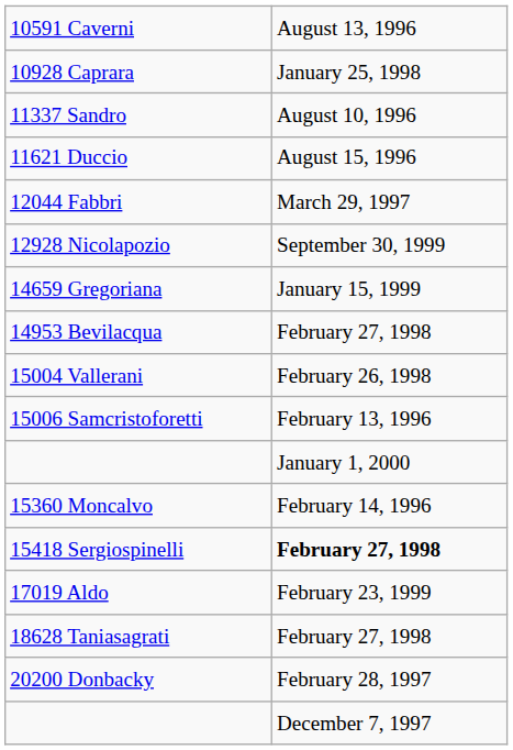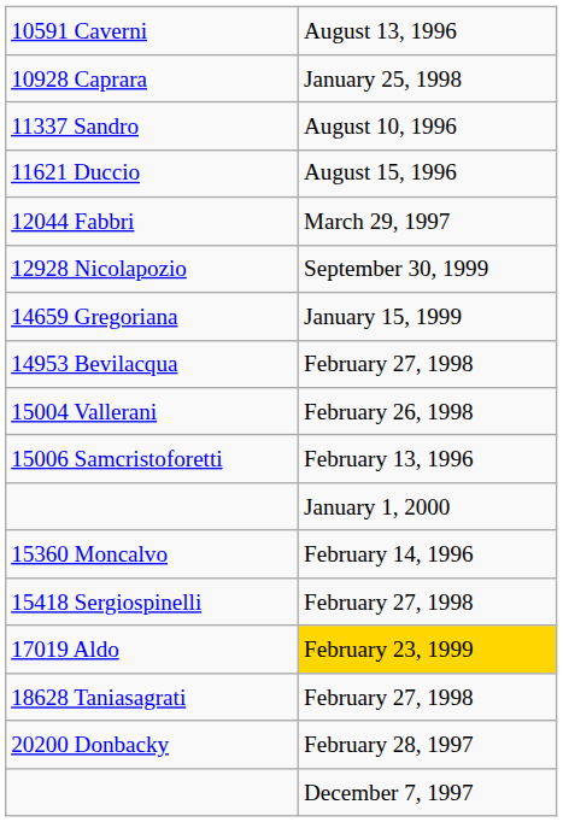 <table class="wikitable" style="font-size: 89%; float: left; width: 24em; margin-right: 1em; line-height: 1.6em !important;">
 <tr>
 <td><a href='#'>10591 Caverni</a> </td>
 <td>August 13, 1996</td>
 </tr>
 <tr>
 <td><a href='#'>10928 Caprara</a> </td>
 <td>January 25, 1998</td>
 </tr>
 <tr>
 <td><a href='#'>11337 Sandro</a> </td>
 <td>August 10, 1996</td>
 </tr>
 <tr>
 <td><a href='#'>11621 Duccio</a> </td>
 <td>August 15, 1996</td>
 </tr>
 <tr>
 <td><a href='#'>12044 Fabbri</a> </td>
 <td>March 29, 1997</td>
 </tr>
 <tr>
 <td><a href='#'>12928 Nicolapozio</a> </td>
 <td>September 30, 1999</td>
 </tr>
 <tr>
 <td><a href='#'>14659 Gregoriana</a> </td>
 <td>January 15, 1999</td>
 </tr>
 <tr>
 <td><a href='#'>14953 Bevilacqua</a> </td>
 <td>February 27, 1998</td>
 </tr>
 <tr>
 <td><a href='#'>15004 Vallerani</a> </td>
 <td>February 26, 1998</td>
 </tr>
 <tr>
 <td><a href='#'>15006 Samcristoforetti</a> </td>
 <td>February 13, 1996</td>
 </tr>
 <tr>
 <td> </td>
 <td>January 1, 2000</td>
 </tr>
 <tr>
 <td><a href='#'>15360 Moncalvo</a> </td>
 <td>February 14, 1996</td>
 </tr>
 <tr>
 <td><a href='#'>15418 Sergiospinelli</a> </td>
-<td><strong>February 27, 1998</strong></td>
+<td>February 27, 1998</td>
 </tr>
 <tr>
 <td><a href='#'>17019 Aldo</a> </td>
-<td>February 23, 1999</td>
+<td style="background: gold;">February 23, 1999</td>
 </tr>
 <tr>
 <td><a href='#'>18628 Taniasagrati</a> </td>
 <td>February 27, 1998</td>
 </tr>
 <tr>
 <td><a href='#'>20200 Donbacky</a> </td>
 <td>February 28, 1997</td>
 </tr>
 <tr>
 <td> </td>
 <td>December 7, 1997</td>
 </tr>
 </table>
